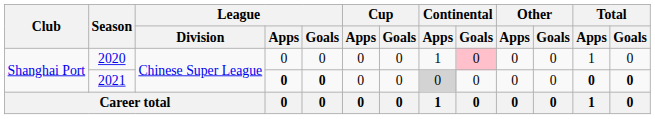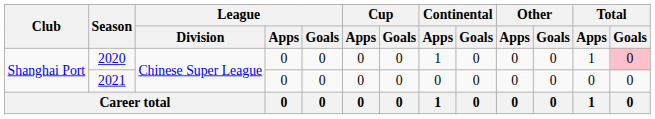 <table class="wikitable" style="text-align: center">
 <tr>
 <th rowspan="2">Club</th>
 <th rowspan="2">Season</th>
 <th colspan="3">League</th>
 <th colspan="2">Cup</th>
 <th colspan="2">Continental</th>
 <th colspan="2">Other</th>
 <th colspan="2">Total</th>
 </tr>
 <tr>
 <th>Division</th>
 <th>Apps</th>
 <th>Goals</th>
 <th>Apps</th>
 <th>Goals</th>
 <th>Apps</th>
 <th>Goals</th>
 <th>Apps</th>
 <th>Goals</th>
 <th>Apps</th>
 <th>Goals</th>
 </tr>
 <tr>
 <td rowspan="2"><a href='#'>Shanghai Port</a></td>
 <td><a href='#'>2020</a></td>
 <td rowspan="2"><a href='#'>Chinese Super League</a></td>
 <td>0</td>
 <td>0</td>
 <td>0</td>
 <td>0</td>
 <td>1</td>
-<td style="background: pink;">0</td>
+<td>0</td>
 <td>0</td>
 <td>0</td>
 <td>1</td>
-<td>0</td>
+<td style="background: pink;">0</td>
 </tr>
 <tr>
 <td><a href='#'>2021</a></td>
-<td><strong>0</strong></td>
-<td><strong>0</strong></td>
-<td>0</td>
-<td>0</td>
-<td style="background: lightgrey;">0</td>
 <td>0</td>
 <td>0</td>
 <td>0</td>
-<td><strong>0</strong></td>
-<td><strong>0</strong></td>
+<td>0</td>
+<td>0</td>
+<td>0</td>
+<td>0</td>
+<td>0</td>
+<td>0</td>
+<td>0</td>
 </tr>
 <tr>
 <th colspan=3>Career total</th>
 <th>0</th>
 <th>0</th>
 <th>0</th>
 <th>0</th>
 <th>1</th>
 <th>0</th>
 <th>0</th>
 <th>0</th>
 <th>1</th>
 <th>0</th>
 </tr>
 </table>
